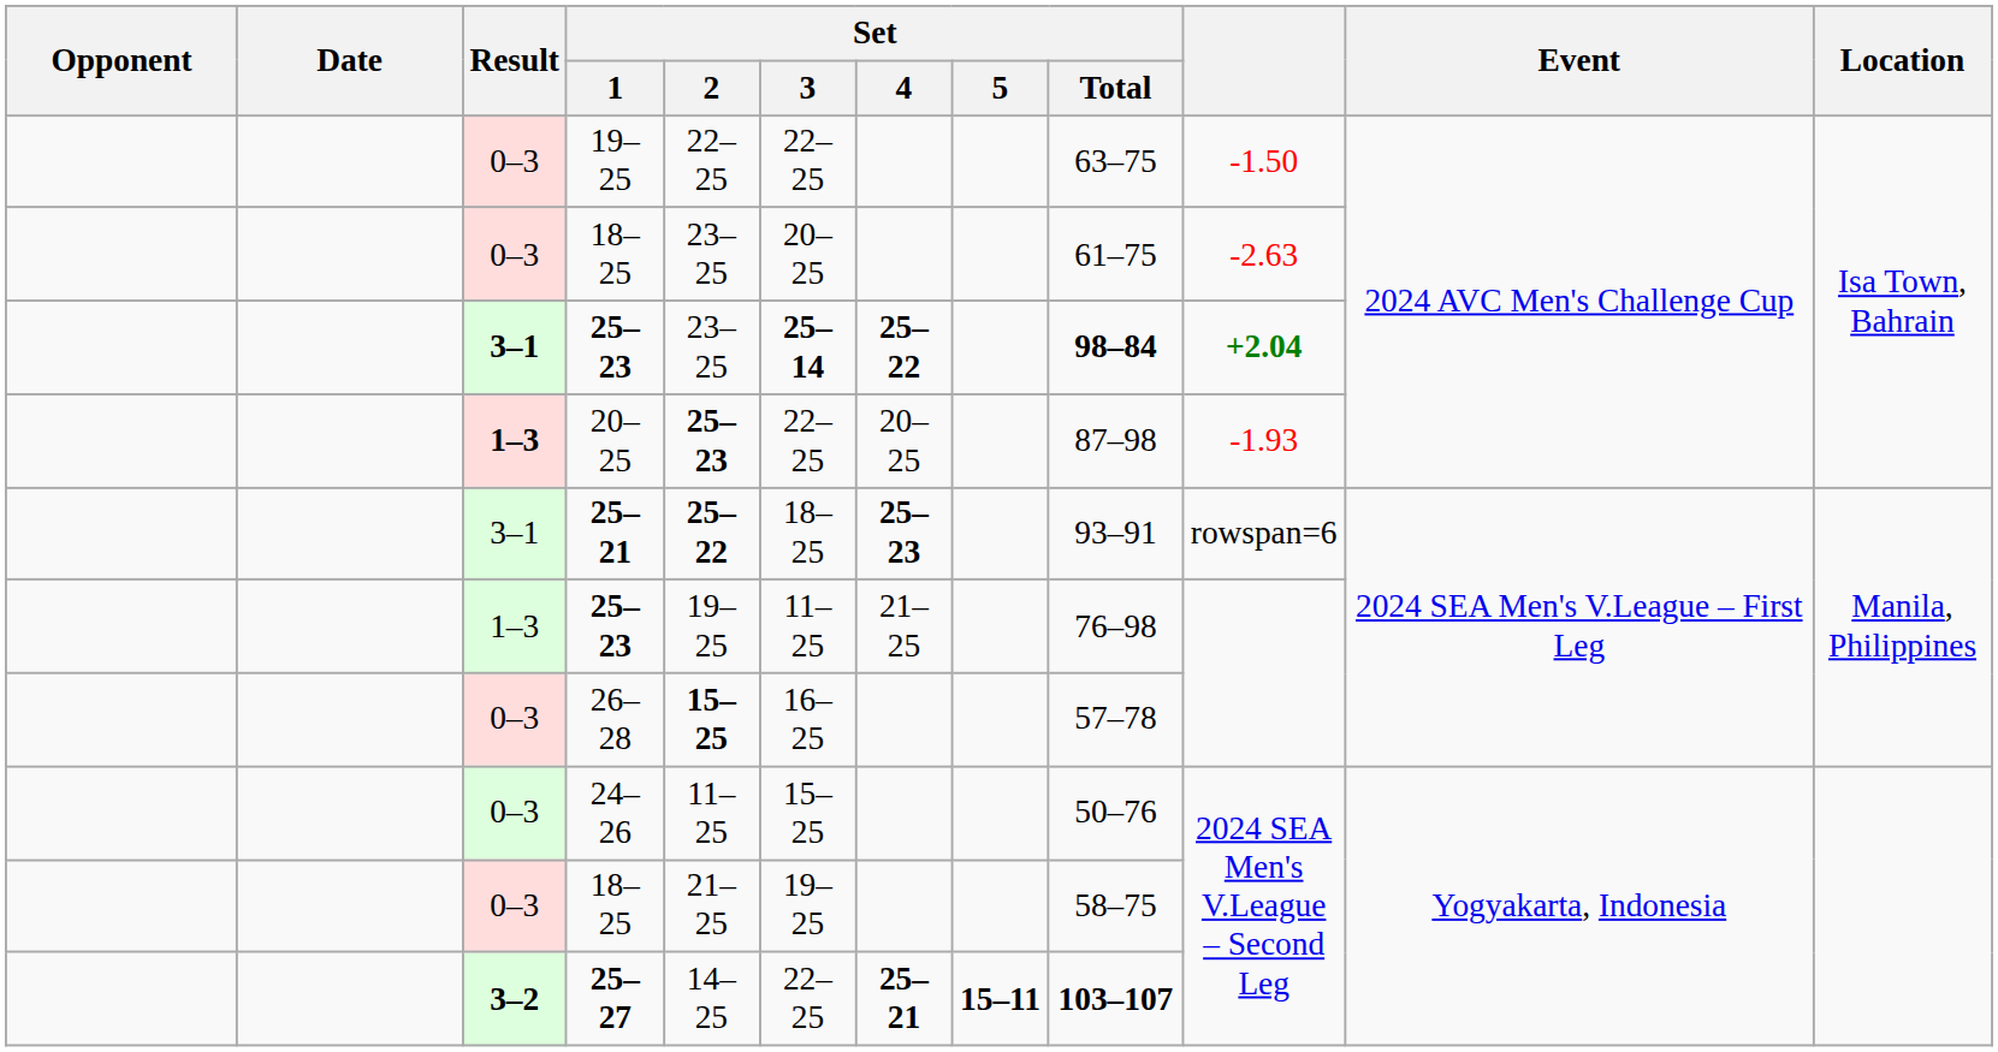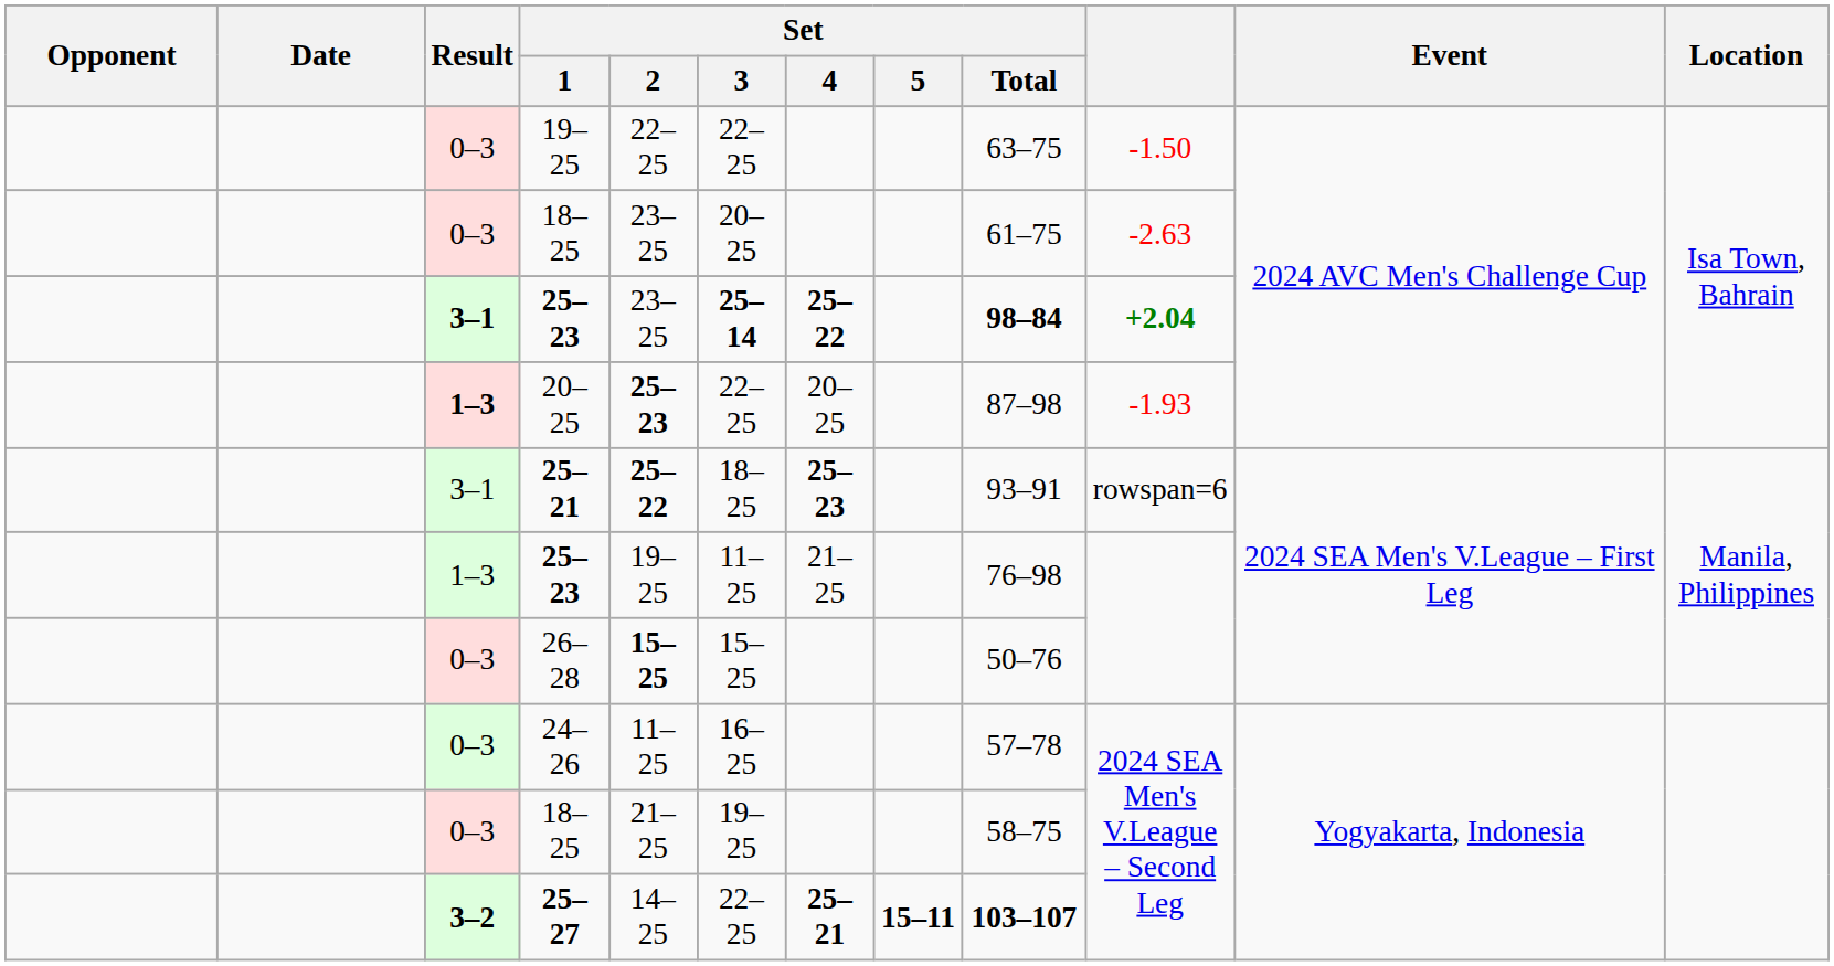 <table class="wikitable" style="font-size:90%; width=100%">
 <tr>
 <th rowspan=2 width=12%>Opponent</th>
 <th rowspan=2 width=12%>Date</th>
 <th rowspan=2 width=5%>Result</th>
 <th colspan=6>Set</th>
 <th rowspan=2 width=5%></th>
 <th rowspan=2 width=25%>Event</th>
 <th rowspan=2 width=15%>Location</th>
 </tr>
 <tr>
 <th width=5%>1</th>
 <th width=5%>2</th>
 <th width=5%>3</th>
 <th width=5%>4</th>
 <th width=5%>5</th>
 <th width=7%>Total</th>
 </tr>
 <tr style="text-align:center;">
 <td style="text-align:left;"></td>
 <td></td>
 <td style="background:#ffdddd;">0–3</td>
 <td>19–25</td>
 <td>22–25</td>
 <td>22–25</td>
 <td></td>
 <td></td>
 <td>63–75</td>
 <td style="color:red">-1.50</td>
 <td rowspan=4><a href='#'>2024 AVC Men's Challenge Cup</a></td>
 <td rowspan=4><a href='#'>Isa Town</a>, <a href='#'>Bahrain</a></td>
 </tr>
 <tr style="text-align:center;">
 <td style="text-align:left;"></td>
 <td></td>
 <td style="background:#ffdddd;">0–3</td>
 <td>18–25</td>
 <td>23–25</td>
 <td>20–25</td>
 <td></td>
 <td></td>
 <td>61–75</td>
 <td style="color:red">-2.63</td>
 </tr>
 <tr style="text-align:center;">
 <td style="text-align:left;"></td>
 <td></td>
 <td style="background:#ddffdd;"><strong>3–1</strong></td>
 <td><strong>25–23</strong></td>
 <td>23–25</td>
 <td><strong>25–14</strong></td>
 <td><strong>25–22</strong></td>
 <td></td>
 <td><strong>98–84</strong></td>
 <td style="color:green"><strong>+2.04</strong></td>
 </tr>
 <tr style="text-align:center;">
 <td style="text-align:left;"></td>
 <td></td>
 <td style="background:#ffdddd;"><strong>1–3</strong></td>
 <td>20–25</td>
 <td><strong>25–23</strong></td>
 <td>22–25</td>
 <td>20–25</td>
 <td></td>
 <td>87–98</td>
 <td style="color:red">-1.93</td>
 </tr>
 <tr style="text-align:center;">
 <td style="text-align:left;"></td>
 <td></td>
 <td style="background:#ddffdd;">3–1</td>
 <td><strong>25–21</strong></td>
 <td><strong>25–22</strong></td>
 <td>18–25</td>
 <td><strong>25–23</strong></td>
 <td></td>
 <td>93–91</td>
 <td>rowspan=6 </td>
 <td rowspan=3><a href='#'>2024 SEA Men's V.League – First Leg</a></td>
 <td rowspan=3><a href='#'>Manila</a>, <a href='#'>Philippines</a></td>
 </tr>
 <tr style="text-align:center;">
 <td style="text-align:left;"></td>
 <td></td>
 <td style="background:#ddffdd;">1–3</td>
 <td><strong>25–23</strong></td>
 <td>19–25</td>
 <td>11–25</td>
 <td>21–25</td>
 <td></td>
 <td>76–98</td>
 </tr>
 <tr style="text-align:center;">
 <td style="text-align:left;"></td>
 <td></td>
 <td style="background:#ffdddd;">0–3</td>
 <td>26–28</td>
 <td><strong>15–25</strong></td>
-<td>16–25</td>
+<td>15–25</td>
 <td></td>
 <td></td>
-<td>57–78</td>
+<td>50–76</td>
 </tr>
 <tr style="text-align:center;">
 <td style="text-align:left;"></td>
 <td></td>
 <td style="background:#ddffdd;">0–3</td>
 <td>24–26</td>
 <td>11–25</td>
-<td>15–25</td>
+<td>16–25</td>
 <td></td>
 <td></td>
-<td>50–76</td>
+<td>57–78</td>
 <td rowspan=3><a href='#'>2024 SEA Men's V.League – Second Leg</a></td>
 <td rowspan=3><a href='#'>Yogyakarta</a>, <a href='#'>Indonesia</a></td>
 </tr>
 <tr style="text-align:center;">
 <td style="text-align:left;"></td>
 <td></td>
 <td style="background:#ffdddd;">0–3</td>
 <td>18–25</td>
 <td>21–25</td>
 <td>19–25</td>
 <td></td>
 <td></td>
 <td>58–75</td>
 </tr>
 <tr style="text-align:center;">
 <td style="text-align:left;"></td>
 <td></td>
 <td style="background:#ddffdd;"><strong>3–2</strong></td>
 <td><strong>25–27</strong></td>
 <td>14–25</td>
 <td>22–25</td>
 <td><strong>25–21</strong></td>
 <td><strong>15–11</strong></td>
 <td><strong>103–107</strong></td>
 </tr>
 </table>
